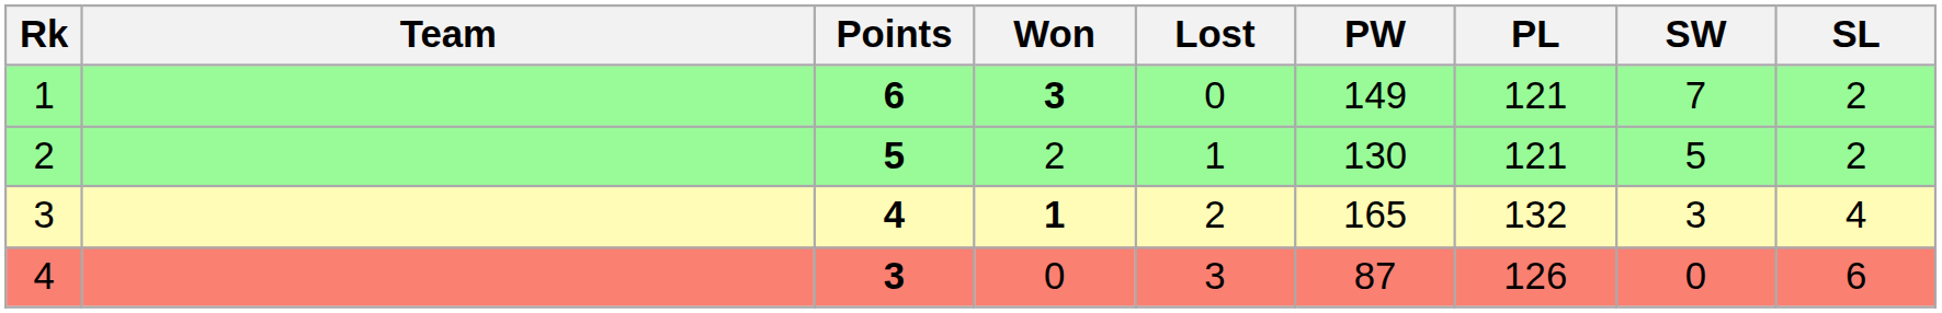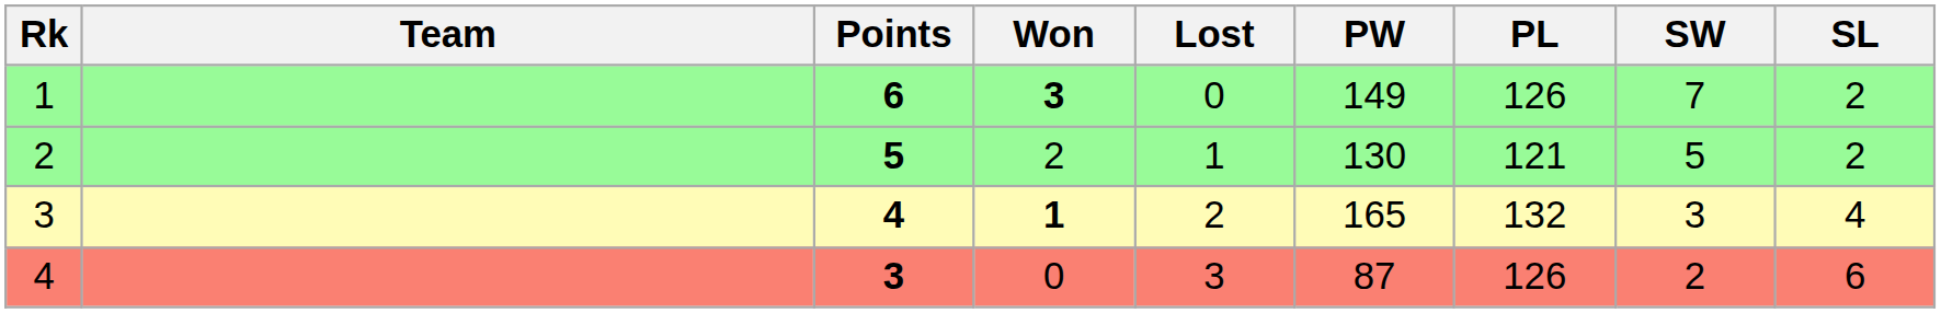 <table class=wikitable style=text-align:center>
 <tr>
 <th width=25>Rk</th>
 <th width=300>Team</th>
 <th width=60>Points</th>
 <th width=60>Won</th>
 <th width=60>Lost</th>
 <th width=60>PW</th>
 <th width=60>PL</th>
 <th width=60>SW</th>
 <th width=60>SL</th>
 </tr>
 <tr style="background: #98fb98">
 <td>1</td>
 <td align=left></td>
 <td><strong>6</strong></td>
 <td><strong>3</strong></td>
 <td>0</td>
 <td>149</td>
-<td>121</td>
+<td>126</td>
 <td>7</td>
 <td>2</td>
 </tr>
 <tr style="background: #98fb98">
 <td>2</td>
 <td align=left></td>
 <td><strong>5</strong></td>
 <td>2</td>
 <td>1</td>
 <td>130</td>
 <td>121</td>
 <td>5</td>
 <td>2</td>
 </tr>
 <tr style="background: #fffcb7">
 <td>3</td>
 <td align=left></td>
 <td><strong>4</strong></td>
 <td><strong>1</strong></td>
 <td>2</td>
 <td>165</td>
 <td>132</td>
 <td>3</td>
 <td>4</td>
 </tr>
 <tr style="background: salmon">
 <td>4</td>
 <td align=left></td>
 <td><strong>3</strong></td>
 <td>0</td>
 <td>3</td>
 <td>87</td>
 <td>126</td>
-<td>0</td>
+<td>2</td>
 <td>6</td>
 </tr>
 </table>
